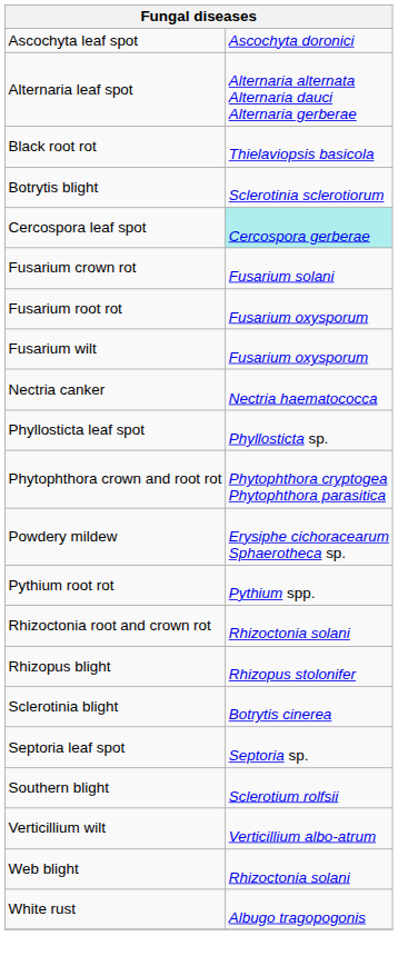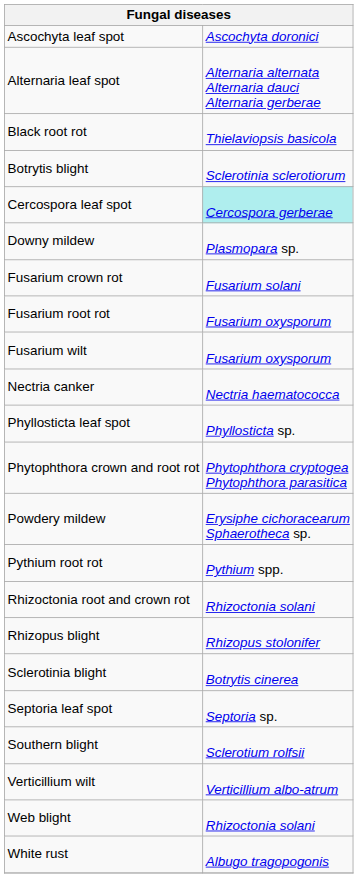 <table class="wikitable" style="clear:left">
 <tr>
 <th colspan=2><strong>Fungal diseases</strong><br></th>
 </tr>
 <tr>
 <td>Ascochyta leaf spot</td>
 <td><em><a href='#'>Ascochyta doronici</a></em></td>
 </tr>
 <tr>
 <td>Alternaria leaf spot</td>
 <td><br><em><a href='#'>Alternaria alternata</a></em><br> <em><a href='#'>Alternaria dauci</a></em><br> <em><a href='#'>Alternaria gerberae</a></em></td>
 </tr>
 <tr>
 <td>Black root rot</td>
 <td><br><em><a href='#'>Thielaviopsis basicola</a></em><br></td>
 </tr>
 <tr>
 <td>Botrytis blight</td>
 <td><br><em><a href='#'>Sclerotinia sclerotiorum</a></em></td>
 </tr>
 <tr>
 <td>Cercospora leaf spot</td>
 <td style="background: paleturquoise;"><br><em><a href='#'>Cercospora gerberae</a></em></td>
+</tr>
+<tr>
+<td>Downy mildew</td>
+<td><br><em><a href='#'>Plasmopara</a></em> sp.</td>
 </tr>
 <tr>
 <td>Fusarium crown rot</td>
 <td><br><em><a href='#'>Fusarium solani</a></em></td>
 </tr>
 <tr>
 <td>Fusarium root rot</td>
 <td><br><em><a href='#'>Fusarium oxysporum</a></em></td>
 </tr>
 <tr>
 <td>Fusarium wilt</td>
 <td><br><em><a href='#'>Fusarium oxysporum</a></em></td>
 </tr>
 <tr>
 <td>Nectria canker</td>
 <td><br><em><a href='#'>Nectria haematococca</a></em></td>
 </tr>
 <tr>
 <td>Phyllosticta leaf spot</td>
 <td><br><em><a href='#'>Phyllosticta</a></em> sp.</td>
 </tr>
 <tr>
 <td>Phytophthora crown and root rot</td>
 <td><br><em><a href='#'>Phytophthora cryptogea</a></em><br> <em><a href='#'>Phytophthora parasitica</a></em></td>
 </tr>
 <tr>
 <td>Powdery mildew</td>
 <td><br><em><a href='#'>Erysiphe cichoracearum</a></em><br> <em><a href='#'>Sphaerotheca</a></em> sp.</td>
 </tr>
 <tr>
 <td>Pythium root rot</td>
 <td><br><em><a href='#'>Pythium</a></em> spp.</td>
 </tr>
 <tr>
 <td>Rhizoctonia root and crown rot</td>
 <td><br><em><a href='#'>Rhizoctonia solani</a></em></td>
 </tr>
 <tr>
 <td>Rhizopus blight</td>
 <td><br><em><a href='#'>Rhizopus stolonifer</a></em></td>
 </tr>
 <tr>
 <td>Sclerotinia blight</td>
 <td><br><em><a href='#'>Botrytis cinerea</a></em></td>
 </tr>
 <tr>
 <td>Septoria leaf spot</td>
 <td><br><em><a href='#'>Septoria</a></em> sp.</td>
 </tr>
 <tr>
 <td>Southern blight</td>
 <td><br><em><a href='#'>Sclerotium rolfsii</a></em></td>
 </tr>
 <tr>
 <td>Verticillium wilt</td>
 <td><br><em><a href='#'>Verticillium albo-atrum</a></em></td>
 </tr>
 <tr>
 <td>Web blight</td>
 <td><br><em><a href='#'>Rhizoctonia solani</a></em></td>
 </tr>
 <tr>
 <td>White rust</td>
 <td><br><em><a href='#'>Albugo tragopogonis</a></em></td>
 </tr>
 <tr>
 </tr>
 </table>
